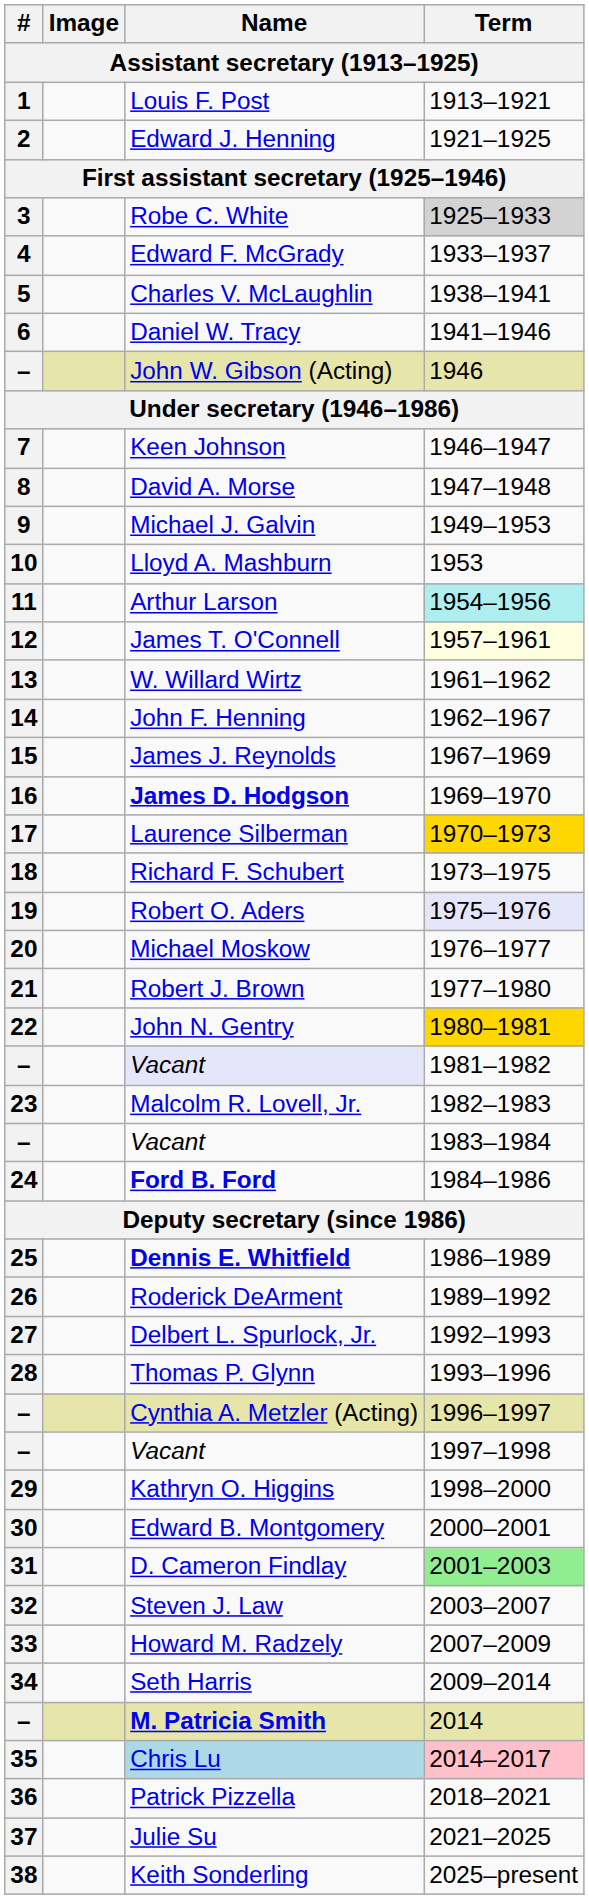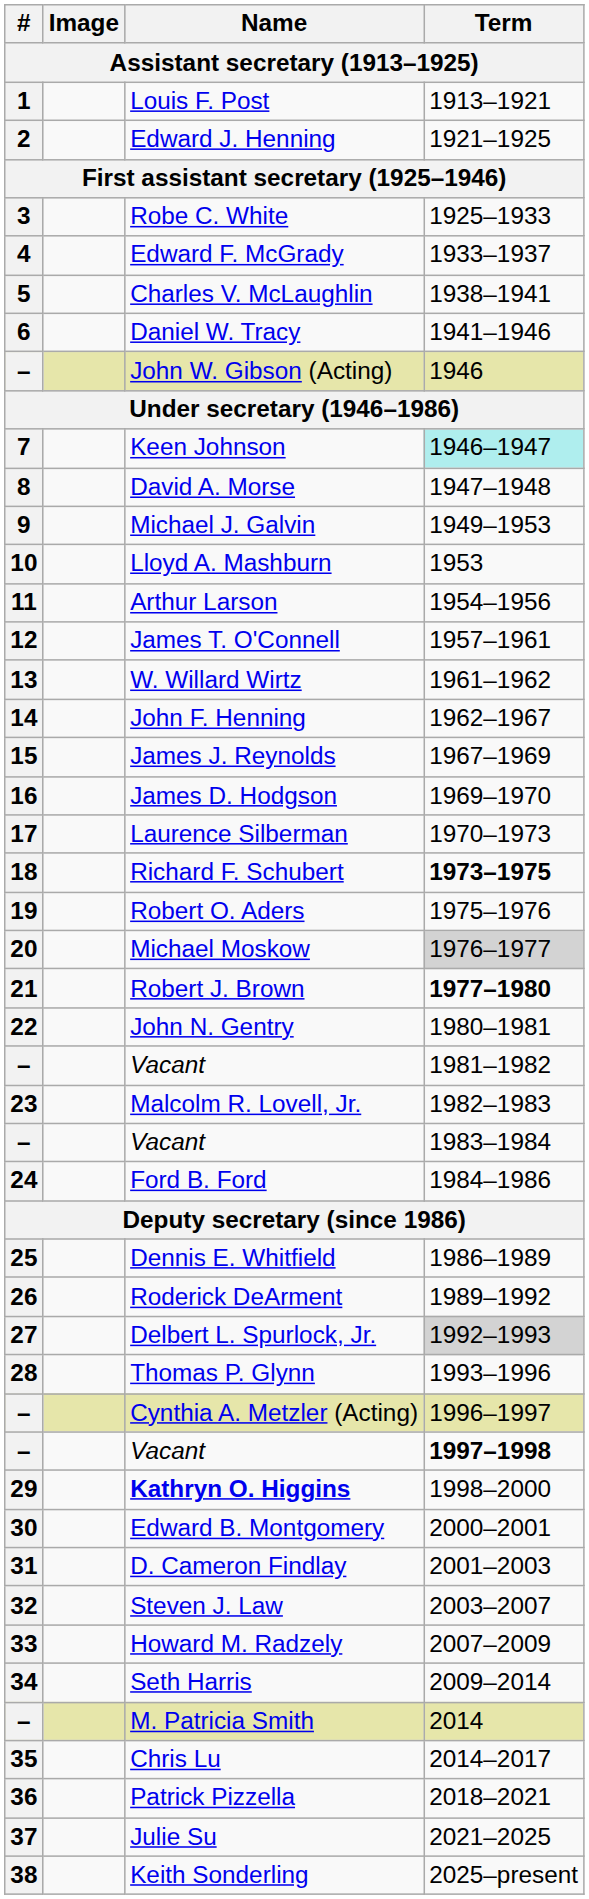 <table class="wikitable">
 <tr>
 <th>#</th>
 <th>Image</th>
 <th>Name</th>
 <th>Term</th>
 </tr>
 <tr>
 <th colspan="4">Assistant secretary (1913–1925)</th>
 </tr>
 <tr>
 <th>1</th>
 <td></td>
 <td><a href='#'>Louis F. Post</a></td>
 <td>1913–1921</td>
 </tr>
 <tr>
 <th>2</th>
 <td></td>
 <td><a href='#'>Edward J. Henning</a></td>
 <td>1921–1925</td>
 </tr>
 <tr>
 <th colspan="4">First assistant secretary (1925–1946)</th>
 </tr>
 <tr>
 <th>3</th>
 <td></td>
 <td><a href='#'>Robe C. White</a></td>
-<td style="background: lightgrey;">1925–1933</td>
+<td>1925–1933</td>
 </tr>
 <tr>
 <th>4</th>
 <td></td>
 <td><a href='#'>Edward F. McGrady</a></td>
 <td>1933–1937</td>
 </tr>
 <tr>
 <th>5</th>
 <td></td>
 <td><a href='#'>Charles V. McLaughlin</a></td>
 <td>1938–1941</td>
 </tr>
 <tr>
 <th>6</th>
 <td></td>
 <td><a href='#'>Daniel W. Tracy</a></td>
 <td>1941–1946</td>
 </tr>
 <tr bgcolor=#E6E6AA>
 <th>–</th>
 <td></td>
 <td><a href='#'>John W. Gibson</a> (Acting)</td>
 <td>1946</td>
 </tr>
 <tr>
 <th colspan="4">Under secretary (1946–1986)</th>
 </tr>
 <tr>
 <th>7</th>
 <td></td>
 <td><a href='#'>Keen Johnson</a></td>
-<td>1946–1947</td>
+<td style="background: paleturquoise;">1946–1947</td>
 </tr>
 <tr>
 <th>8</th>
 <td></td>
 <td><a href='#'>David A. Morse</a></td>
 <td>1947–1948</td>
 </tr>
 <tr>
 <th>9</th>
 <td></td>
 <td><a href='#'>Michael J. Galvin</a></td>
 <td>1949–1953</td>
 </tr>
 <tr>
 <th>10</th>
 <td></td>
 <td><a href='#'>Lloyd A. Mashburn</a></td>
 <td>1953</td>
 </tr>
 <tr>
 <th>11</th>
 <td></td>
 <td><a href='#'>Arthur Larson</a></td>
-<td style="background: paleturquoise;">1954–1956</td>
+<td>1954–1956</td>
 </tr>
 <tr>
 <th>12</th>
 <td></td>
 <td><a href='#'>James T. O'Connell</a></td>
-<td style="background: lightyellow;">1957–1961</td>
+<td>1957–1961</td>
 </tr>
 <tr>
 <th>13</th>
 <td></td>
 <td><a href='#'>W. Willard Wirtz</a></td>
 <td>1961–1962</td>
 </tr>
 <tr>
 <th>14</th>
 <td></td>
 <td><a href='#'>John F. Henning</a></td>
 <td>1962–1967</td>
 </tr>
 <tr>
 <th>15</th>
 <td></td>
 <td><a href='#'>James J. Reynolds</a></td>
 <td>1967–1969</td>
 </tr>
 <tr>
 <th>16</th>
 <td></td>
-<td><strong><a href='#'>James D. Hodgson</a></strong></td>
+<td><a href='#'>James D. Hodgson</a></td>
 <td>1969–1970</td>
 </tr>
 <tr>
 <th>17</th>
 <td></td>
 <td><a href='#'>Laurence Silberman</a></td>
-<td style="background: gold;">1970–1973</td>
+<td>1970–1973</td>
 </tr>
 <tr>
 <th>18</th>
 <td></td>
 <td><a href='#'>Richard F. Schubert</a></td>
-<td>1973–1975</td>
+<td><strong>1973–1975</strong></td>
 </tr>
 <tr>
 <th>19</th>
 <td></td>
 <td><a href='#'>Robert O. Aders</a></td>
-<td style="background: lavender;">1975–1976</td>
+<td>1975–1976</td>
 </tr>
 <tr>
 <th>20</th>
 <td></td>
 <td><a href='#'>Michael Moskow</a></td>
-<td>1976–1977</td>
+<td style="background: lightgrey;">1976–1977</td>
 </tr>
 <tr>
 <th>21</th>
 <td></td>
 <td><a href='#'>Robert J. Brown</a></td>
-<td>1977–1980</td>
+<td><strong>1977–1980</strong></td>
 </tr>
 <tr>
 <th>22</th>
 <td></td>
 <td><a href='#'>John N. Gentry</a></td>
-<td style="background: gold;">1980–1981</td>
+<td>1980–1981</td>
 </tr>
 <tr>
 <th>–</th>
 <td></td>
-<td style="background: lavender;"><em>Vacant</em></td>
+<td><em>Vacant</em></td>
 <td>1981–1982</td>
 </tr>
 <tr>
 <th>23</th>
 <td></td>
 <td><a href='#'>Malcolm R. Lovell, Jr.</a></td>
 <td>1982–1983</td>
 </tr>
 <tr>
 <th>–</th>
 <td></td>
 <td><em>Vacant</em></td>
 <td>1983–1984</td>
 </tr>
 <tr>
 <th>24</th>
 <td></td>
-<td><strong><a href='#'>Ford B. Ford</a></strong></td>
+<td><a href='#'>Ford B. Ford</a></td>
 <td>1984–1986</td>
 </tr>
 <tr>
 <th colspan="4">Deputy secretary (since 1986)</th>
 </tr>
 <tr>
 <th>25</th>
 <td></td>
-<td><strong><a href='#'>Dennis E. Whitfield</a></strong></td>
+<td><a href='#'>Dennis E. Whitfield</a></td>
 <td>1986–1989</td>
 </tr>
 <tr>
 <th>26</th>
 <td></td>
 <td><a href='#'>Roderick DeArment</a></td>
 <td>1989–1992</td>
 </tr>
 <tr>
 <th>27</th>
 <td></td>
 <td><a href='#'>Delbert L. Spurlock, Jr.</a></td>
-<td>1992–1993</td>
+<td style="background: lightgrey;">1992–1993</td>
 </tr>
 <tr>
 <th>28</th>
 <td></td>
 <td><a href='#'>Thomas P. Glynn</a></td>
 <td>1993–1996</td>
 </tr>
 <tr bgcolor=#E6E6AA>
 <th>–</th>
 <td></td>
 <td><a href='#'>Cynthia A. Metzler</a> (Acting)</td>
 <td>1996–1997</td>
 </tr>
 <tr>
 <th>–</th>
 <td></td>
 <td><em>Vacant</em></td>
-<td>1997–1998</td>
+<td><strong>1997–1998</strong></td>
 </tr>
 <tr>
 <th>29</th>
 <td></td>
-<td><a href='#'>Kathryn O. Higgins</a></td>
+<td><strong><a href='#'>Kathryn O. Higgins</a></strong></td>
 <td>1998–2000</td>
 </tr>
 <tr>
 <th>30</th>
 <td></td>
 <td><a href='#'>Edward B. Montgomery</a></td>
 <td>2000–2001</td>
 </tr>
 <tr>
 <th>31</th>
 <td></td>
 <td><a href='#'>D. Cameron Findlay</a></td>
-<td style="background: lightgreen;">2001–2003</td>
+<td>2001–2003</td>
 </tr>
 <tr>
 <th>32</th>
 <td></td>
 <td><a href='#'>Steven J. Law</a></td>
 <td>2003–2007</td>
 </tr>
 <tr>
 <th>33</th>
 <td></td>
 <td><a href='#'>Howard M. Radzely</a></td>
 <td>2007–2009</td>
 </tr>
 <tr>
 <th>34</th>
 <td></td>
 <td><a href='#'>Seth Harris</a></td>
 <td>2009–2014</td>
 </tr>
 <tr bgcolor=#E6E6AA>
 <th>–</th>
 <td></td>
-<td><strong><a href='#'>M. Patricia Smith</a></strong></td>
+<td><a href='#'>M. Patricia Smith</a></td>
 <td>2014</td>
 </tr>
 <tr>
 <th>35</th>
 <td></td>
-<td style="background: lightblue;"><a href='#'>Chris Lu</a></td>
-<td style="background: pink;">2014–2017</td>
+<td><a href='#'>Chris Lu</a></td>
+<td>2014–2017</td>
 </tr>
 <tr>
 <th>36</th>
 <td></td>
 <td><a href='#'>Patrick Pizzella</a></td>
 <td>2018–2021</td>
 </tr>
 <tr>
 <th>37</th>
 <td></td>
 <td><a href='#'>Julie Su</a></td>
 <td>2021–2025</td>
 </tr>
 <tr>
 <th>38</th>
 <td></td>
 <td><a href='#'>Keith Sonderling</a></td>
 <td>2025–present</td>
 </tr>
 </table>
